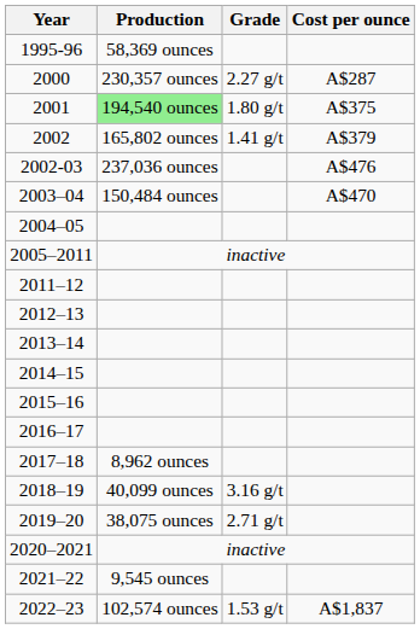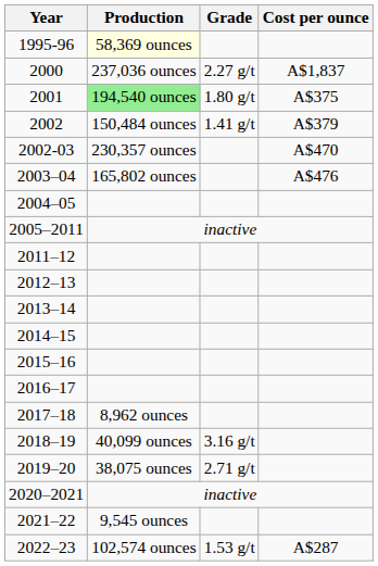 <table class="wikitable">
 <tr style="text-align:center;">
 <th>Year</th>
 <th>Production</th>
 <th>Grade</th>
 <th>Cost per ounce</th>
 </tr>
 <tr style="text-align:center;">
 <td>1995-96</td>
-<td>58,369 ounces</td>
+<td style="background: lightyellow;">58,369 ounces</td>
 <td></td>
 <td></td>
 </tr>
 <tr style="text-align:center;">
 <td>2000</td>
-<td>230,357 ounces</td>
+<td>237,036 ounces</td>
 <td>2.27 g/t</td>
-<td>A$287</td>
+<td>A$1,837</td>
 </tr>
 <tr style="text-align:center;">
 <td>2001</td>
 <td style="background: lightgreen;">194,540 ounces</td>
 <td>1.80 g/t</td>
 <td>A$375</td>
 </tr>
 <tr style="text-align:center;">
 <td>2002 </td>
-<td>165,802 ounces</td>
+<td>150,484 ounces</td>
 <td>1.41 g/t</td>
 <td>A$379</td>
 </tr>
 <tr style="text-align:center;">
 <td>2002-03 </td>
-<td>237,036 ounces</td>
+<td>230,357 ounces</td>
 <td></td>
-<td>A$476</td>
+<td>A$470</td>
 </tr>
 <tr style="text-align:center;">
 <td>2003–04 </td>
-<td>150,484 ounces</td>
+<td>165,802 ounces</td>
 <td></td>
-<td>A$470</td>
+<td>A$476</td>
 </tr>
 <tr style="text-align:center;">
 <td>2004–05</td>
 <td></td>
 <td></td>
 <td></td>
 </tr>
 <tr style="text-align:center;">
 <td>2005–2011</td>
 <td colspan=3><em>inactive</em></td>
 </tr>
 <tr style="text-align:center;">
 <td>2011–12</td>
 <td></td>
 <td></td>
 <td></td>
 </tr>
 <tr style="text-align:center;">
 <td>2012–13</td>
 <td></td>
 <td></td>
 <td></td>
 </tr>
 <tr style="text-align:center;">
 <td>2013–14</td>
 <td></td>
 <td></td>
 <td></td>
 </tr>
 <tr style="text-align:center;">
 <td>2014–15</td>
 <td></td>
 <td></td>
 <td></td>
 </tr>
 <tr style="text-align:center;">
 <td>2015–16</td>
 <td></td>
 <td></td>
 <td></td>
 </tr>
 <tr style="text-align:center;">
 <td>2016–17</td>
 <td></td>
 <td></td>
 <td></td>
 </tr>
 <tr style="text-align:center;">
 <td>2017–18 </td>
 <td>8,962 ounces</td>
 <td></td>
 <td></td>
 </tr>
 <tr style="text-align:center;">
 <td>2018–19 </td>
 <td>40,099 ounces</td>
 <td>3.16 g/t</td>
 <td></td>
 </tr>
 <tr style="text-align:center;">
 <td>2019–20 </td>
 <td>38,075 ounces</td>
 <td>2.71 g/t</td>
 <td></td>
 </tr>
 <tr style="text-align:center;">
 <td>2020–2021</td>
 <td colspan=3><em>inactive</em></td>
 </tr>
 <tr style="text-align:center;">
 <td>2021–22</td>
 <td>9,545 ounces</td>
 <td></td>
 <td></td>
 </tr>
 <tr style="text-align:center;">
 <td>2022–23</td>
 <td>102,574 ounces</td>
 <td>1.53 g/t</td>
-<td>A$1,837</td>
+<td>A$287</td>
 </tr>
 </table>
